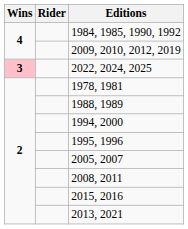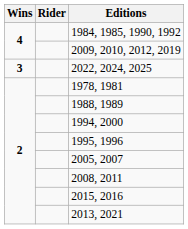 <table class="wikitable">
 <tr>
 <th>Wins</th>
 <th>Rider</th>
 <th>Editions</th>
 </tr>
 <tr>
 <td align=center rowspan= 2><strong>4</strong></td>
 <td></td>
 <td>1984, 1985, 1990, 1992</td>
 </tr>
 <tr>
 <td></td>
 <td>2009, 2010, 2012, 2019</td>
 </tr>
 <tr>
-<td align=center rowspan= 1 style="background: pink;"><strong>3</strong></td>
+<td align=center rowspan= 1><strong>3</strong></td>
 <td></td>
 <td>2022, 2024, 2025</td>
 </tr>
 <tr>
 <td align=center rowspan= 8><strong>2</strong></td>
 <td></td>
 <td>1978, 1981</td>
 </tr>
 <tr>
 <td></td>
 <td>1988, 1989</td>
 </tr>
 <tr>
 <td></td>
 <td>1994, 2000</td>
 </tr>
 <tr>
 <td></td>
 <td>1995, 1996</td>
 </tr>
 <tr>
 <td></td>
 <td>2005, 2007</td>
 </tr>
 <tr>
 <td></td>
 <td>2008, 2011</td>
 </tr>
 <tr>
 <td></td>
 <td>2015, 2016</td>
 </tr>
 <tr>
 <td></td>
 <td>2013, 2021</td>
 </tr>
 </table>
